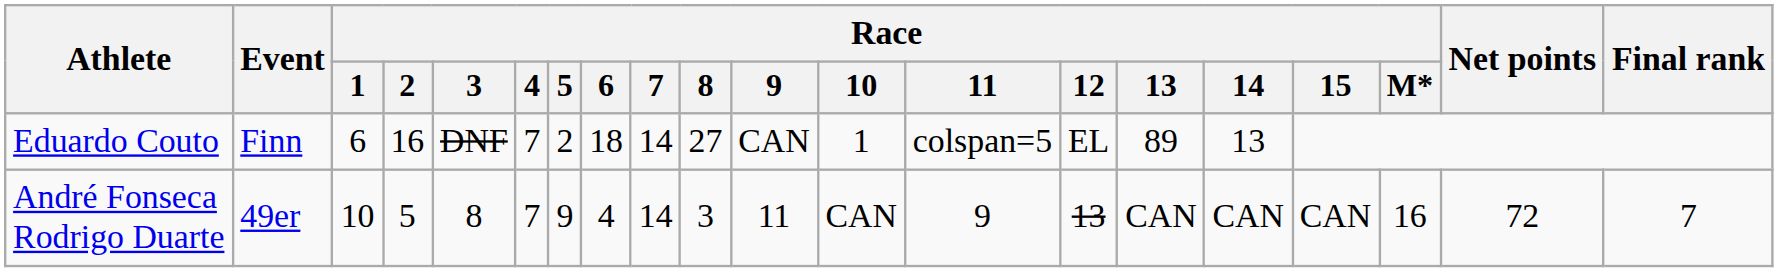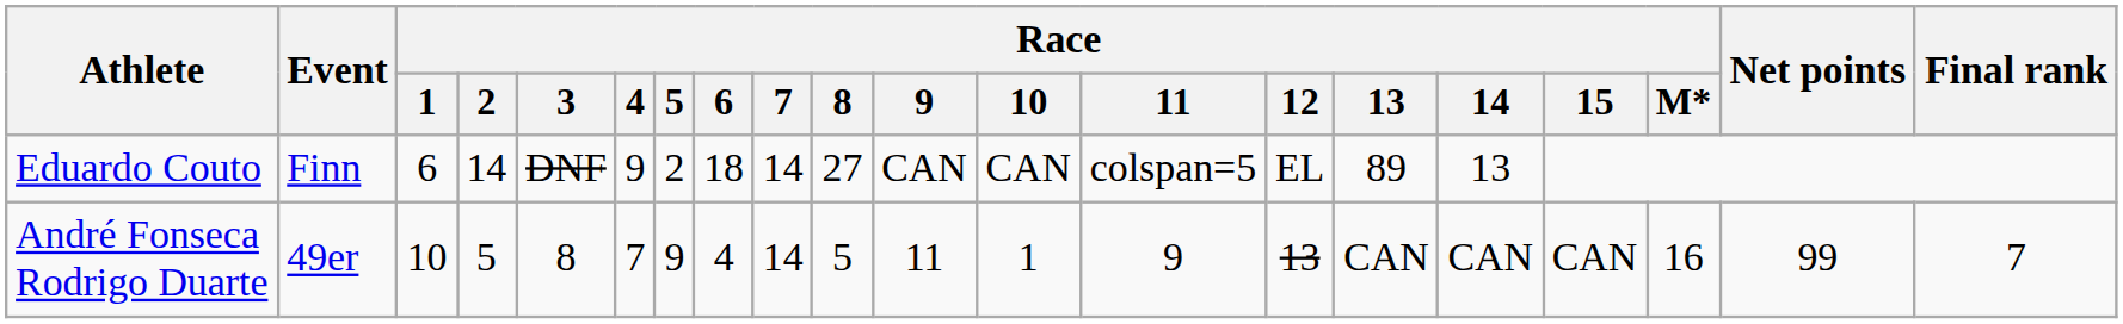 <table class="wikitable" style="font-size:90%">
 <tr>
 <th rowspan="2">Athlete</th>
 <th rowspan="2">Event</th>
 <th colspan=16>Race</th>
 <th rowspan=2>Net points</th>
 <th rowspan=2>Final rank</th>
 </tr>
 <tr style="font-size:95%">
 <th>1</th>
 <th>2</th>
 <th>3</th>
 <th>4</th>
 <th>5</th>
 <th>6</th>
 <th>7</th>
 <th>8</th>
 <th>9</th>
 <th>10</th>
 <th>11</th>
 <th>12</th>
 <th>13</th>
 <th>14</th>
 <th>15</th>
 <th>M*</th>
 </tr>
 <tr align=center>
 <td align=left><a href='#'>Eduardo Couto</a></td>
 <td align=left><a href='#'>Finn</a></td>
 <td>6</td>
-<td>16</td>
+<td>14</td>
 <td><s>DNF</s></td>
-<td>7</td>
+<td>9</td>
 <td>2</td>
 <td>18</td>
 <td>14</td>
 <td>27</td>
 <td>CAN</td>
-<td>1</td>
+<td>CAN</td>
 <td>colspan=5 </td>
 <td>EL</td>
 <td>89</td>
 <td>13</td>
 </tr>
 <tr align=center>
 <td align=left><a href='#'>André Fonseca</a><br><a href='#'>Rodrigo Duarte</a></td>
 <td align=left><a href='#'>49er</a></td>
 <td>10</td>
 <td>5</td>
 <td>8</td>
 <td>7</td>
 <td>9</td>
 <td>4</td>
 <td>14</td>
-<td>3</td>
+<td>5</td>
 <td>11</td>
-<td>CAN</td>
+<td>1</td>
 <td>9</td>
 <td><s>13</s></td>
 <td>CAN</td>
 <td>CAN</td>
 <td>CAN</td>
 <td>16</td>
-<td>72</td>
+<td>99</td>
 <td>7</td>
 </tr>
 </table>
